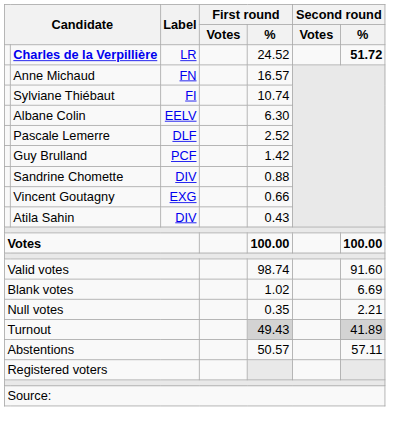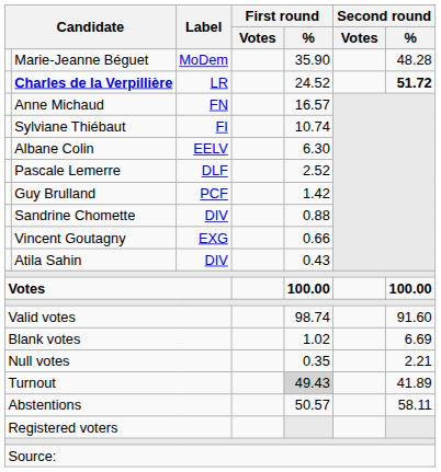 <table class="wikitable" style="text-align:right;font-size:95%;">
 <tr>
 <th colspan="2" rowspan="2">Candidate</th>
 <th rowspan="2">Label</th>
 <th colspan="2">First round</th>
 <th colspan="2">Second round</th>
 </tr>
 <tr>
 <th style="width:50px;">Votes</th>
 <th style="width:45px;">%</th>
 <th style="width:50px;">Votes</th>
 <th style="width:45px;">%</th>
+</tr>
+<tr>
+<td style="color:inherit;background:"></td>
+<td style="text-align:left;">Marie-Jeanne Béguet</td>
+<td><a href='#'>MoDem</a></td>
+<td></td>
+<td>35.90</td>
+<td></td>
+<td>48.28</td>
 </tr>
 <tr>
 <td style="color:inherit;background:"></td>
 <td style="text-align:left;"><strong><a href='#'>Charles de la Verpillière</a></strong></td>
 <td><a href='#'>LR</a></td>
 <td></td>
 <td>24.52</td>
 <td><strong></strong></td>
 <td><strong>51.72</strong></td>
 </tr>
 <tr>
 <td style="color:inherit;background:"></td>
 <td style="text-align:left;">Anne Michaud</td>
 <td><a href='#'>FN</a></td>
 <td></td>
 <td>16.57</td>
 <td colspan="2" rowspan="8" style="background:#E9E9E9;"></td>
 </tr>
 <tr>
 <td style="color:inherit;background:"></td>
 <td style="text-align:left;">Sylviane Thiébaut</td>
 <td><a href='#'>FI</a></td>
 <td></td>
 <td>10.74</td>
 </tr>
 <tr>
 <td style="color:inherit;background:"></td>
 <td style="text-align:left;">Albane Colin</td>
 <td><a href='#'>EELV</a></td>
 <td></td>
 <td>6.30</td>
 </tr>
 <tr>
 <td style="color:inherit;background:"></td>
 <td style="text-align:left;">Pascale Lemerre</td>
 <td><a href='#'>DLF</a></td>
 <td></td>
 <td>2.52</td>
 </tr>
 <tr>
 <td style="color:inherit;background:"></td>
 <td style="text-align:left;">Guy Brulland</td>
 <td><a href='#'>PCF</a></td>
 <td></td>
 <td>1.42</td>
 </tr>
 <tr>
 <td style="color:inherit;background:"></td>
 <td style="text-align:left;">Sandrine Chomette</td>
 <td><a href='#'>DIV</a></td>
 <td></td>
 <td>0.88</td>
 </tr>
 <tr>
 <td style="color:inherit;background:"></td>
 <td style="text-align:left;">Vincent Goutagny</td>
 <td><a href='#'>EXG</a></td>
 <td></td>
 <td>0.66</td>
 </tr>
 <tr>
 <td style="color:inherit;background:"></td>
 <td style="text-align:left;">Atila Sahin</td>
 <td><a href='#'>DIV</a></td>
 <td></td>
 <td>0.43</td>
 </tr>
 <tr>
 <td colspan="7" style="background:#E9E9E9;"></td>
 </tr>
 <tr style="font-weight:bold;">
 <td colspan="3" style="text-align:left;">Votes</td>
 <td></td>
 <td>100.00</td>
 <td></td>
 <td>100.00</td>
 </tr>
 <tr>
 <td colspan="7" style="background:#E9E9E9;"></td>
 </tr>
 <tr>
 <td colspan="3" style="text-align:left;">Valid votes</td>
 <td></td>
 <td>98.74</td>
 <td></td>
 <td>91.60</td>
 </tr>
 <tr>
 <td colspan="3" style="text-align:left;">Blank votes</td>
 <td></td>
 <td>1.02</td>
 <td></td>
 <td>6.69</td>
 </tr>
 <tr>
 <td colspan="3" style="text-align:left;">Null votes</td>
 <td></td>
 <td>0.35</td>
 <td></td>
 <td>2.21</td>
 </tr>
 <tr>
 <td colspan="3" style="text-align:left;">Turnout</td>
 <td></td>
 <td style="background: lightgrey;">49.43</td>
 <td></td>
-<td style="background: lightgrey;">41.89</td>
+<td>41.89</td>
 </tr>
 <tr>
 <td colspan="3" style="text-align:left;">Abstentions</td>
 <td></td>
 <td>50.57</td>
 <td></td>
-<td>57.11</td>
+<td>58.11</td>
 </tr>
 <tr>
 <td colspan="3" style="text-align:left;">Registered voters</td>
 <td></td>
 <td style="color:inherit;background:#E9E9E9;"></td>
 <td></td>
 <td style="color:inherit;background:#E9E9E9;"></td>
 </tr>
 <tr>
 <td colspan="7" style="background:#E9E9E9;"></td>
 </tr>
 <tr>
 <td colspan="7" style="text-align:left;">Source: </td>
 </tr>
 </table>
